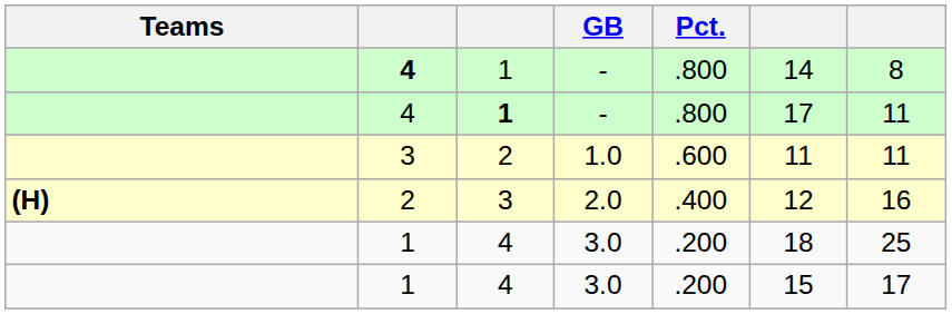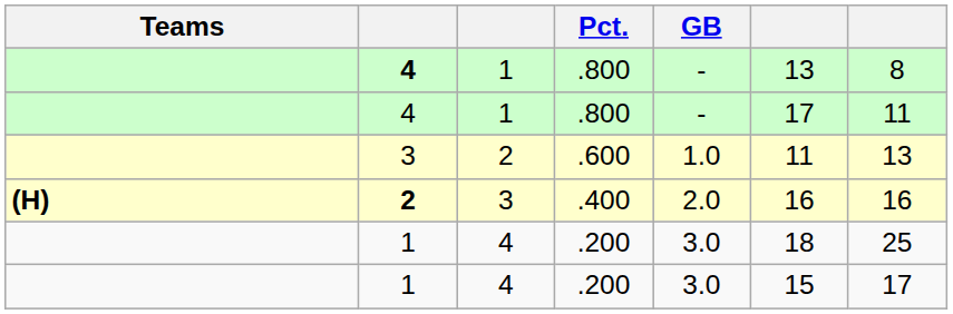 <table class = "wikitable" style="text-align:center;">
 <tr>
 <th width = 200px>Teams</th>
 <th width = 50px></th>
 <th width = 50px></th>
+<th width = 50px><a href='#'>Pct.</a></th>
 <th width = 50px><a href='#'>GB</a></th>
-<th width = 50px><a href='#'>Pct.</a></th>
 <th width = 50px></th>
 <th width = 50px></th>
 </tr>
 <tr style = "background-color:#ccffcc">
 <td align = left></td>
 <td><strong>4</strong></td>
 <td>1</td>
+<td>.800</td>
 <td>-</td>
-<td>.800</td>
-<td>14</td>
+<td>13</td>
 <td>8</td>
 </tr>
 <tr style = "background-color:#ccffcc">
 <td align = left></td>
 <td>4</td>
-<td><strong>1</strong></td>
+<td>1</td>
+<td>.800</td>
 <td>-</td>
-<td>.800</td>
 <td>17</td>
 <td>11</td>
 </tr>
 <tr style = "background-color:#ffffcc">
 <td align = left></td>
 <td>3</td>
 <td>2</td>
+<td>.600</td>
 <td>1.0</td>
-<td>.600</td>
 <td>11</td>
-<td>11</td>
+<td>13</td>
 </tr>
 <tr style = "background-color:#ffffcc">
 <td align = left> <strong>(H)</strong></td>
-<td>2</td>
+<td><strong>2</strong></td>
 <td>3</td>
+<td>.400</td>
 <td>2.0</td>
-<td>.400</td>
-<td>12</td>
+<td>16</td>
 <td>16</td>
 </tr>
 <tr style = "background-color:">
 <td align = left></td>
 <td>1</td>
 <td>4</td>
+<td>.200</td>
 <td>3.0</td>
-<td>.200</td>
 <td>18</td>
 <td>25</td>
 </tr>
 <tr style = "background-color:">
 <td align = left></td>
 <td>1</td>
 <td>4</td>
+<td>.200</td>
 <td>3.0</td>
-<td>.200</td>
 <td>15</td>
 <td>17</td>
 </tr>
 </table>
